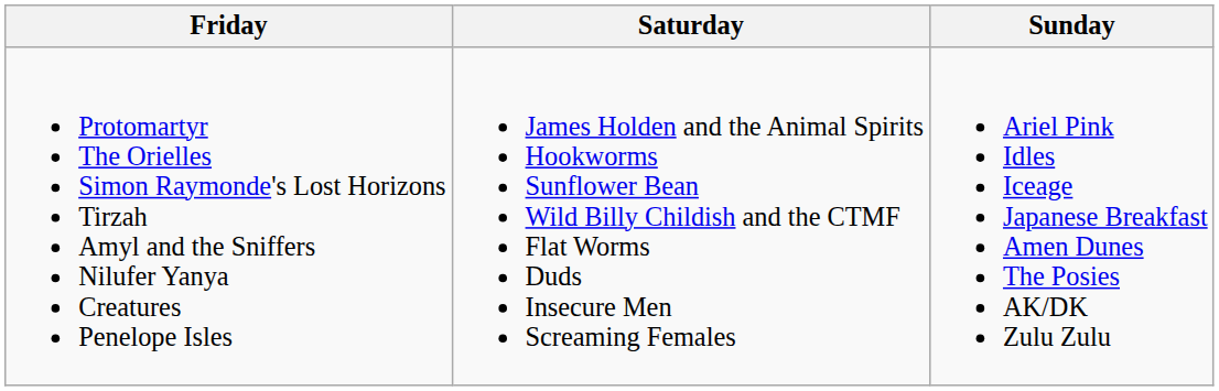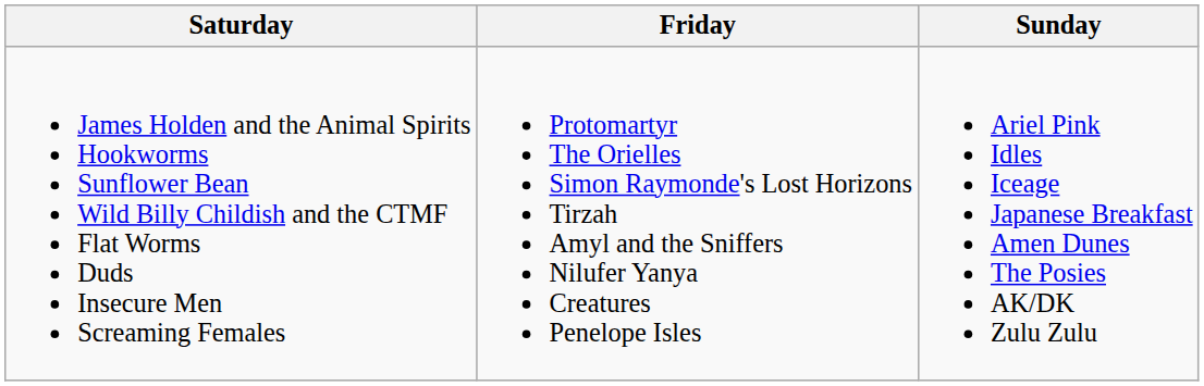 <table class="wikitable">
 <tr>
+<th>Saturday</th>
 <th>Friday</th>
-<th>Saturday</th>
 <th>Sunday</th>
 </tr>
 <tr valign="top">
+<td><br><ul><li><a href='#'>James Holden</a> and the Animal Spirits</li><li><a href='#'>Hookworms</a></li><li><a href='#'>Sunflower Bean</a></li><li><a href='#'>Wild Billy Childish</a> and the CTMF</li><li>Flat Worms</li><li>Duds</li><li>Insecure Men</li><li>Screaming Females</li></ul></td>
 <td><br><ul><li><a href='#'>Protomartyr</a></li><li><a href='#'>The Orielles</a></li><li><a href='#'>Simon Raymonde</a>'s Lost Horizons</li><li>Tirzah</li><li>Amyl and the Sniffers</li><li>Nilufer Yanya</li><li>Creatures</li><li>Penelope Isles</li></ul></td>
-<td><br><ul><li><a href='#'>James Holden</a> and the Animal Spirits</li><li><a href='#'>Hookworms</a></li><li><a href='#'>Sunflower Bean</a></li><li><a href='#'>Wild Billy Childish</a> and the CTMF</li><li>Flat Worms</li><li>Duds</li><li>Insecure Men</li><li>Screaming Females</li></ul></td>
 <td><br><ul><li><a href='#'>Ariel Pink</a></li><li><a href='#'>Idles</a></li><li><a href='#'>Iceage</a></li><li><a href='#'>Japanese Breakfast</a></li><li><a href='#'>Amen Dunes</a></li><li><a href='#'>The Posies</a></li><li>AK/DK</li><li>Zulu Zulu</li></ul></td>
 </tr>
 </table>
